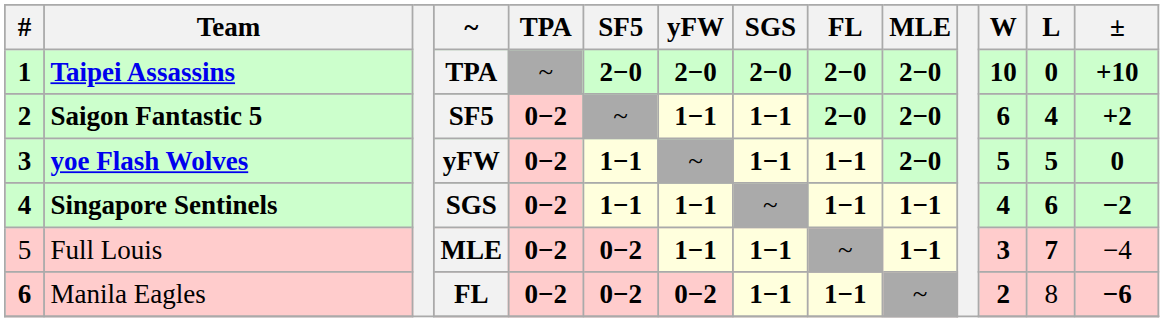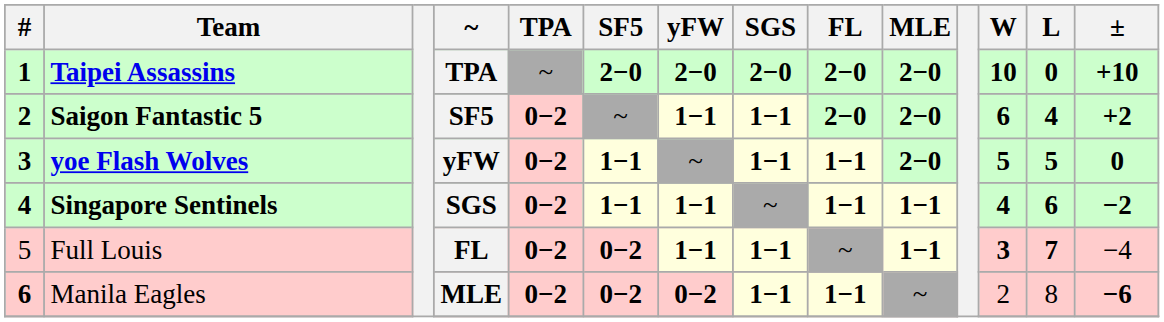 <table class="wikitable" style="font-size: 95%; text-align: center">
 <tr>
 <th width="15">#</th>
 <th style="width:200px;">Team</th>
 <th rowspan="10" style="width:5px;;"></th>
 <th>~</th>
 <th style="width:35px;" title="">TPA</th>
 <th style="width:35px;" title="">SF5</th>
 <th style="width:35px;" title="">yFW</th>
 <th style="width:35px;" title="">SGS</th>
 <th style="width:35px;" title="">FL</th>
 <th style="width:35px;" title="">MLE</th>
 <th rowspan="10" style="width:5px;;"></th>
 <th style="width:20px;" title="Wins">W</th>
 <th style="width:20px;" title="Losses">L</th>
 <th style="width:40px;">±</th>
 </tr>
 <tr style="background:#cfc;">
 <td><strong>1</strong></td>
 <td style="text-align: left"> <strong><a href='#'>Taipei Assassins</a></strong></td>
 <th>TPA</th>
 <td style="background-color:#aaaaaa">~</td>
 <td style="background-color:#ccffcc"><strong>2−0</strong></td>
 <td style="background-color:#ccffcc"><strong>2−0</strong></td>
 <td style="background-color:#ccffcc"><strong>2−0</strong></td>
 <td style="background-color:#ccffcc"><strong>2−0</strong></td>
 <td style="background-color:#ccffcc"><strong>2−0</strong></td>
 <td><strong>10</strong></td>
 <td><strong>0</strong></td>
 <td><strong>+10</strong></td>
 </tr>
 <tr style="background:#cfc;">
 <td><strong>2</strong></td>
 <td style="text-align: left"> <strong>Saigon Fantastic 5</strong></td>
 <th>SF5</th>
 <td style="background-color:#ffcccc"><strong>0−2</strong></td>
 <td style="background-color:#aaaaaa">~</td>
 <td style="background-color:#ffd;"><strong>1−1</strong></td>
 <td style="background-color:#ffd;"><strong>1−1</strong></td>
 <td style="background-color:#ccffcc"><strong>2−0</strong></td>
 <td style="background-color:#ccffcc"><strong>2−0</strong></td>
 <td><strong>6</strong></td>
 <td><strong>4</strong></td>
 <td><strong>+2</strong></td>
 </tr>
 <tr style="background:#cfc;">
 <td><strong>3</strong></td>
 <td style="text-align: left"> <strong><a href='#'>yoe Flash Wolves</a></strong></td>
 <th>yFW</th>
 <td style="background-color:#ffcccc"><strong>0−2</strong></td>
 <td style="background-color:#ffd;"><strong>1−1</strong></td>
 <td style="background-color:#aaaaaa">~</td>
 <td style="background-color:#ffd;"><strong>1−1</strong></td>
 <td style="background-color:#ffd;"><strong>1−1</strong></td>
 <td style="background-color:#ccffcc"><strong>2−0</strong></td>
 <td><strong>5</strong></td>
 <td><strong>5</strong></td>
 <td><strong>0</strong></td>
 </tr>
 <tr style="background:#cfc;">
 <td><strong>4</strong></td>
 <td style="text-align: left"> <strong>⁠Singapore Sentinels</strong></td>
 <th>SGS</th>
 <td style="background-color:#ffcccc"><strong>0−2</strong></td>
 <td style="background-color:#ffd;"><strong>1−1</strong></td>
 <td style="background-color:#ffd;"><strong>1−1</strong></td>
 <td style="background-color:#aaaaaa">~</td>
 <td style="background-color:#ffd;"><strong>1−1</strong></td>
 <td style="background-color:#ffd;"><strong>1−1</strong></td>
 <td><strong>4</strong></td>
 <td><strong>6</strong></td>
 <td><strong>−2</strong></td>
 </tr>
 <tr style="background-color:#ffcccc">
 <td>5</td>
 <td style="text-align: left"> Full Louis</td>
-<th>MLE</th>
+<th>FL</th>
 <td style="background-color:#ffcccc"><strong>0−2</strong></td>
 <td style="background-color:#ffcccc"><strong>0−2</strong></td>
 <td style="background-color:#ffd;"><strong>1−1</strong></td>
 <td style="background-color:#ffd;"><strong>1−1</strong></td>
 <td style="background-color:#aaaaaa">~</td>
 <td style="background-color:#ffd;"><strong>1−1</strong></td>
 <td><strong>3</strong></td>
 <td><strong>7</strong></td>
 <td>−4</td>
 </tr>
 <tr style="background-color:#ffcccc">
 <td><strong>6</strong></td>
 <td style="text-align: left"> Manila Eagles</td>
-<th>FL</th>
+<th>MLE</th>
 <td style="background-color:#ffcccc"><strong>0−2</strong></td>
 <td style="background-color:#ffcccc"><strong>0−2</strong></td>
 <td style="background-color:#ffcccc"><strong>0−2</strong></td>
 <td style="background-color:#ffd;"><strong>1−1</strong></td>
 <td style="background-color:#ffd;"><strong>1−1</strong></td>
 <td style="background-color:#aaaaaa">~</td>
-<td><strong>2</strong></td>
+<td>2</td>
 <td>8</td>
 <td><strong>−6</strong></td>
 </tr>
 <tr>
 </tr>
 </table>
